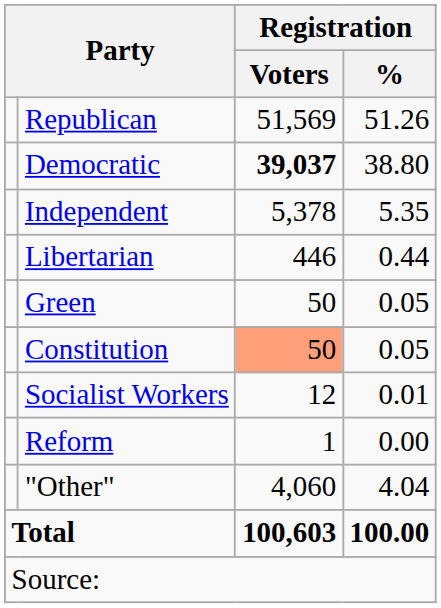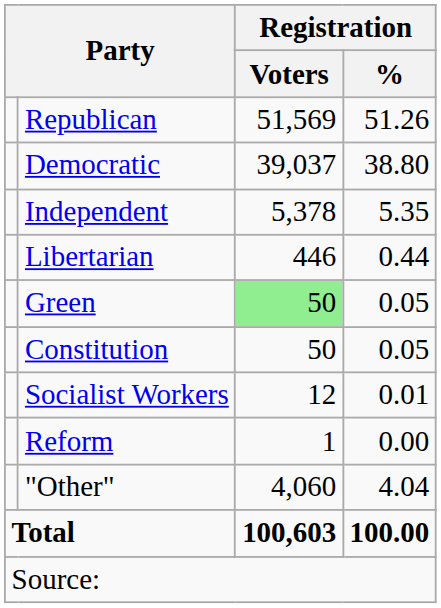 <table class="wikitable">
 <tr>
 <th colspan="2" rowspan="2">Party</th>
 <th colspan="2">Registration</th>
 </tr>
 <tr>
 <th>Voters</th>
 <th>%</th>
 </tr>
 <tr>
 <td style="background-color:"></td>
 <td><a href='#'>Republican</a></td>
 <td style="text-align:right;">51,569</td>
 <td style="text-align:right;">51.26</td>
 </tr>
 <tr>
 <td style="background-color:"></td>
 <td><a href='#'>Democratic</a></td>
-<td style="text-align:right;"><strong>39,037</strong></td>
+<td style="text-align:right;">39,037</td>
 <td style="text-align:right;">38.80</td>
 </tr>
 <tr>
 <td style="background-color:"></td>
 <td><a href='#'>Independent</a></td>
 <td style="text-align:right;">5,378</td>
 <td style="text-align:right;">5.35</td>
 </tr>
 <tr>
 <td style="background-color:"></td>
 <td><a href='#'>Libertarian</a></td>
 <td style="text-align:right;">446</td>
 <td style="text-align:right;">0.44</td>
 </tr>
 <tr>
 <td style="background-color:"></td>
 <td><a href='#'>Green</a></td>
-<td style="text-align:right;">50</td>
+<td style="background: lightgreen; text-align:right;">50</td>
 <td style="text-align:right;">0.05</td>
 </tr>
 <tr>
 <td style="background-color:"></td>
 <td><a href='#'>Constitution</a></td>
-<td style="background: lightsalmon; text-align:right;">50</td>
+<td style="text-align:right;">50</td>
 <td style="text-align:right;">0.05</td>
 </tr>
 <tr>
 <td style="background-color:"></td>
 <td><a href='#'>Socialist Workers</a></td>
 <td style="text-align:right;">12</td>
 <td style="text-align:right;">0.01</td>
 </tr>
 <tr>
 <td style="background-color:"></td>
 <td><a href='#'>Reform</a></td>
 <td style="text-align:right;">1</td>
 <td style="text-align:right;">0.00</td>
 </tr>
 <tr>
 <td></td>
 <td>"Other"</td>
 <td style="text-align:right;">4,060</td>
 <td style="text-align:right;">4.04</td>
 </tr>
 <tr>
 <td colspan="2"><strong>Total</strong></td>
 <td style="text-align:right;"><strong>100,603</strong></td>
 <td style="text-align:right;"><strong>100.00</strong></td>
 </tr>
 <tr>
 <td colspan="4">Source: <em></em></td>
 </tr>
 </table>
